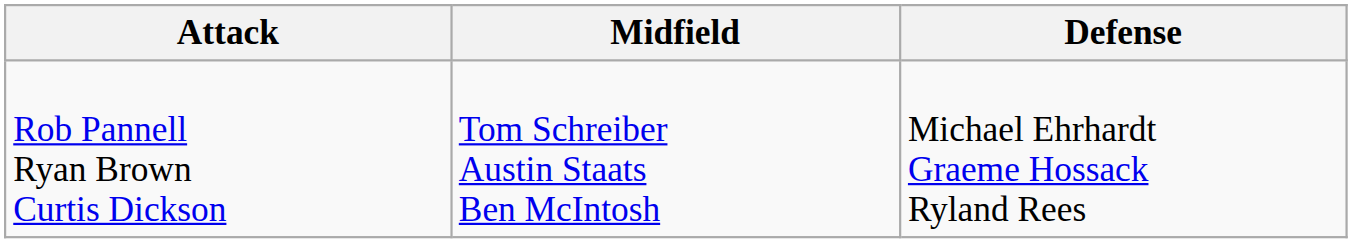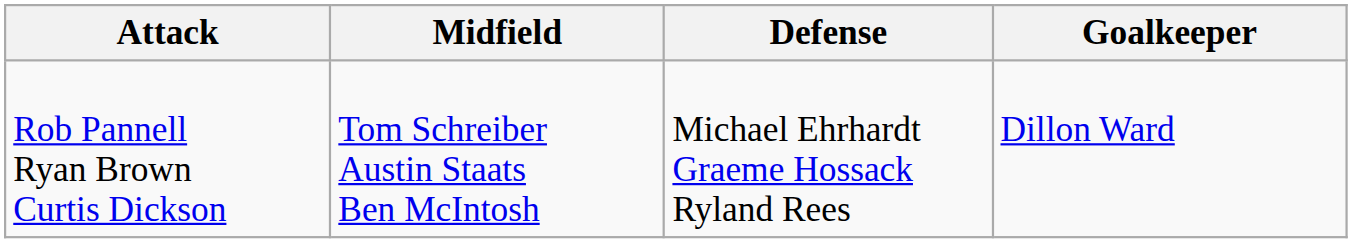 <table class="wikitable">
 <tr>
 <th width=230>Attack</th>
 <th width=230>Midfield</th>
 <th width=230>Defense</th>
+<th width=230>Goalkeeper</th>
 </tr>
 <tr>
 <td valign=top><br> <a href='#'>Rob Pannell</a> <br>  Ryan Brown <br>  <a href='#'>Curtis Dickson</a> <br></td>
 <td valign=top><br> <a href='#'>Tom Schreiber</a> <br>  <a href='#'>Austin Staats</a> <br>  <a href='#'>Ben McIntosh</a></td>
 <td valign=top><br> Michael Ehrhardt <br>  <a href='#'>Graeme Hossack</a> <br>  Ryland Rees</td>
+<td valign=top><br> <a href='#'>Dillon Ward</a></td>
 </tr>
 </table>
